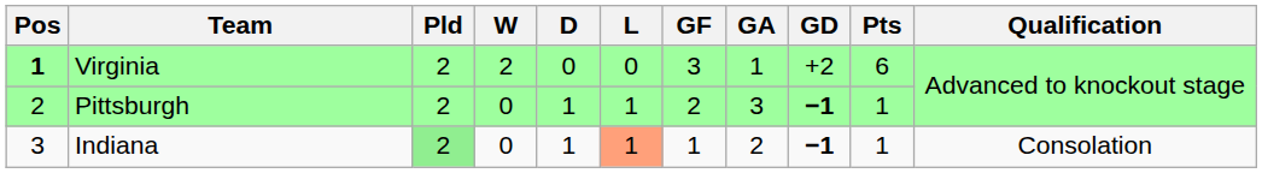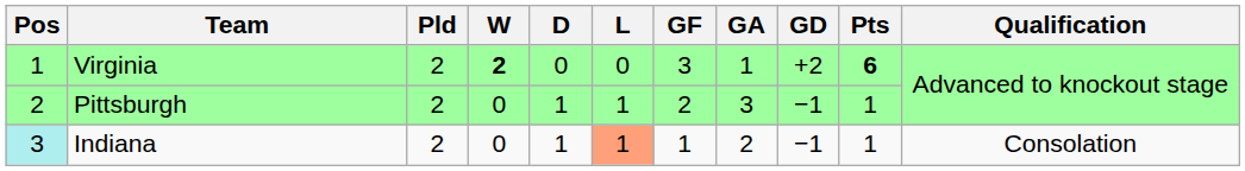 <table class="wikitable" style="text-align:center; margin: 1em auto">
 <tr>
 <th style="width:2em">Pos</th>
 <th style="width:13em">Team</th>
 <th style="width:2em">Pld</th>
 <th style="width:2em">W</th>
 <th style="width:2em">D</th>
 <th style="width:2em">L</th>
 <th style="width:2em">GF</th>
 <th style="width:2em">GA</th>
 <th style="width:2em">GD</th>
 <th style="width:2em">Pts</th>
 <th style="width:13em">Qualification</th>
 </tr>
 <tr bgcolor="#9eff9e">
-<td><strong>1</strong></td>
+<td>1</td>
 <td style="text-align:left">Virginia</td>
 <td>2</td>
-<td>2</td>
+<td><strong>2</strong></td>
 <td>0</td>
 <td>0</td>
 <td>3</td>
 <td>1</td>
 <td>+2</td>
-<td>6</td>
+<td><strong>6</strong></td>
 <td rowspan="2">Advanced to knockout stage</td>
 </tr>
 <tr bgcolor="#9eff9e">
 <td>2</td>
 <td style="text-align:left">Pittsburgh</td>
 <td>2</td>
 <td>0</td>
 <td>1</td>
 <td>1</td>
 <td>2</td>
 <td>3</td>
-<td><strong>−1</strong></td>
+<td>−1</td>
 <td>1</td>
 </tr>
 <tr>
-<td>3</td>
+<td style="background: paleturquoise;">3</td>
 <td style="text-align:left">Indiana</td>
-<td style="background: lightgreen;">2</td>
+<td>2</td>
 <td>0</td>
 <td>1</td>
 <td style="background: lightsalmon;">1</td>
 <td>1</td>
 <td>2</td>
-<td><strong>−1</strong></td>
+<td>−1</td>
 <td>1</td>
 <td>Consolation</td>
 </tr>
 </table>
